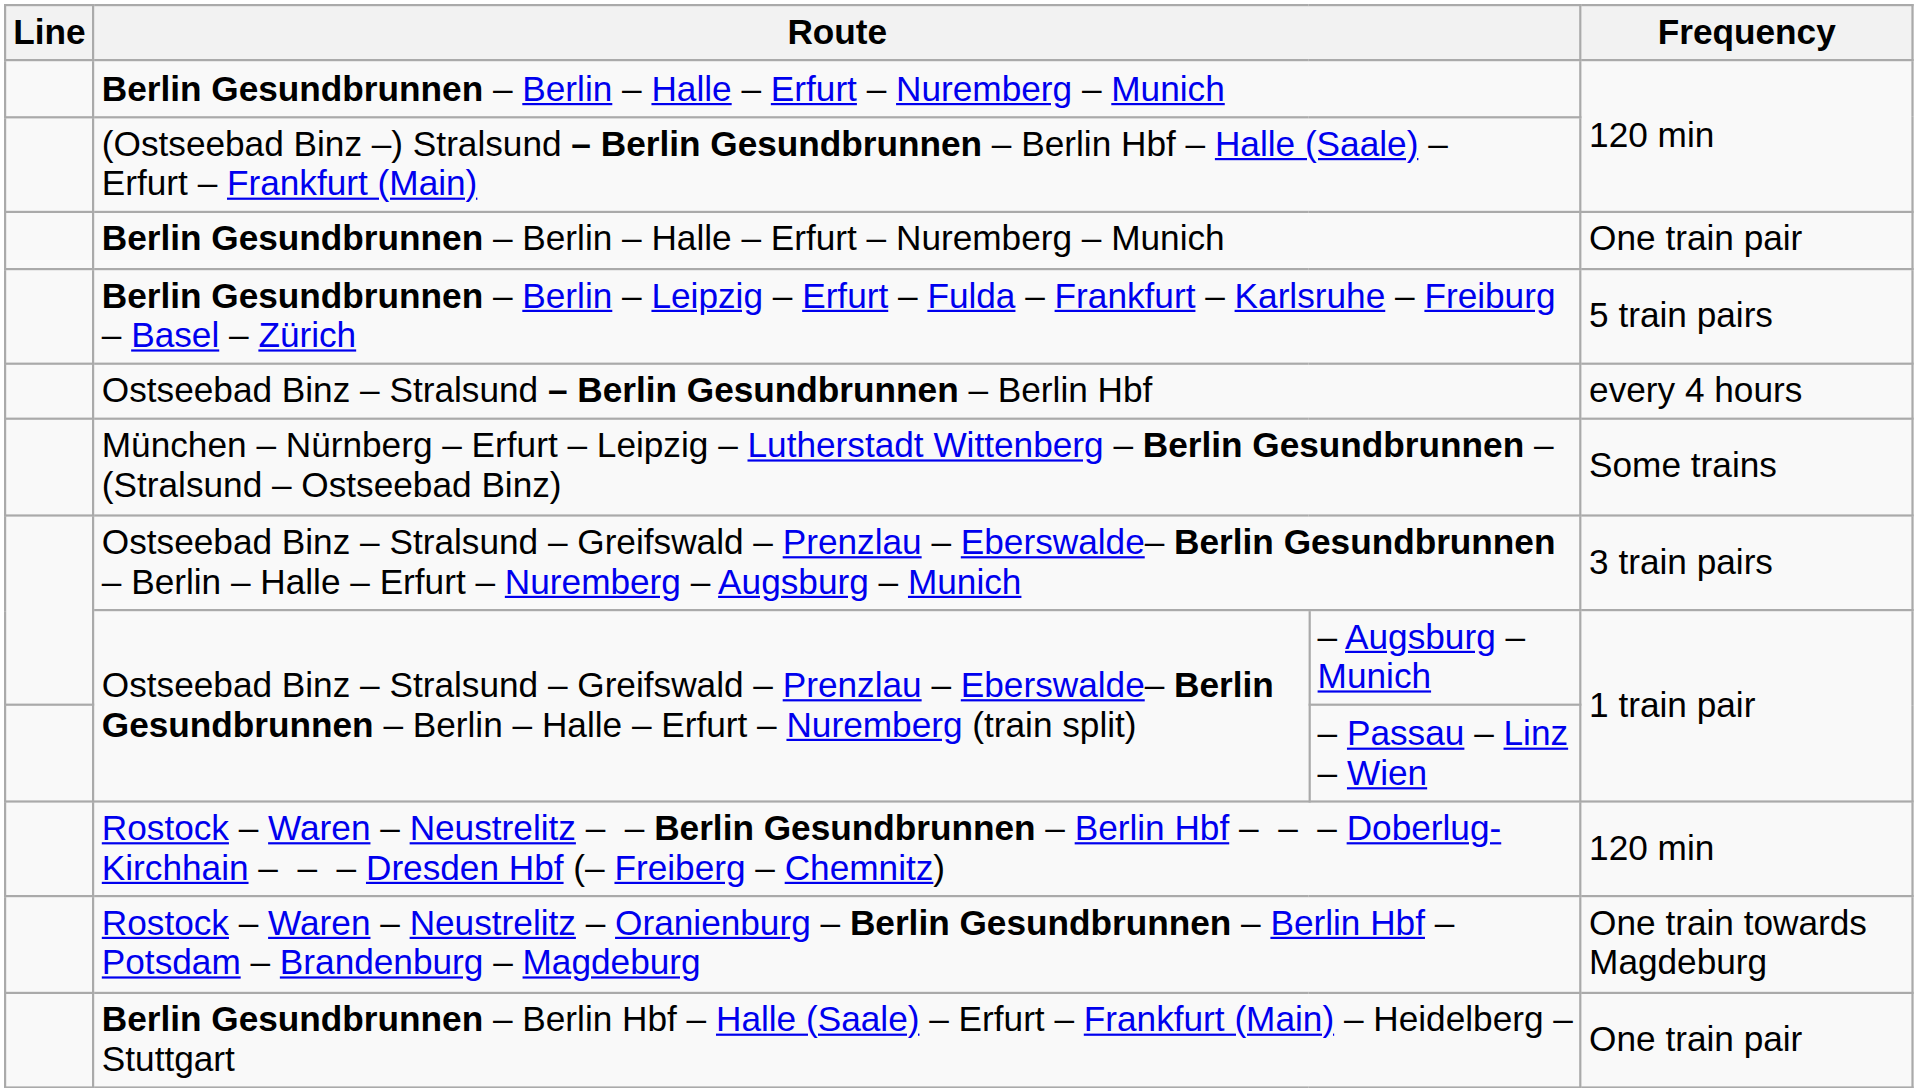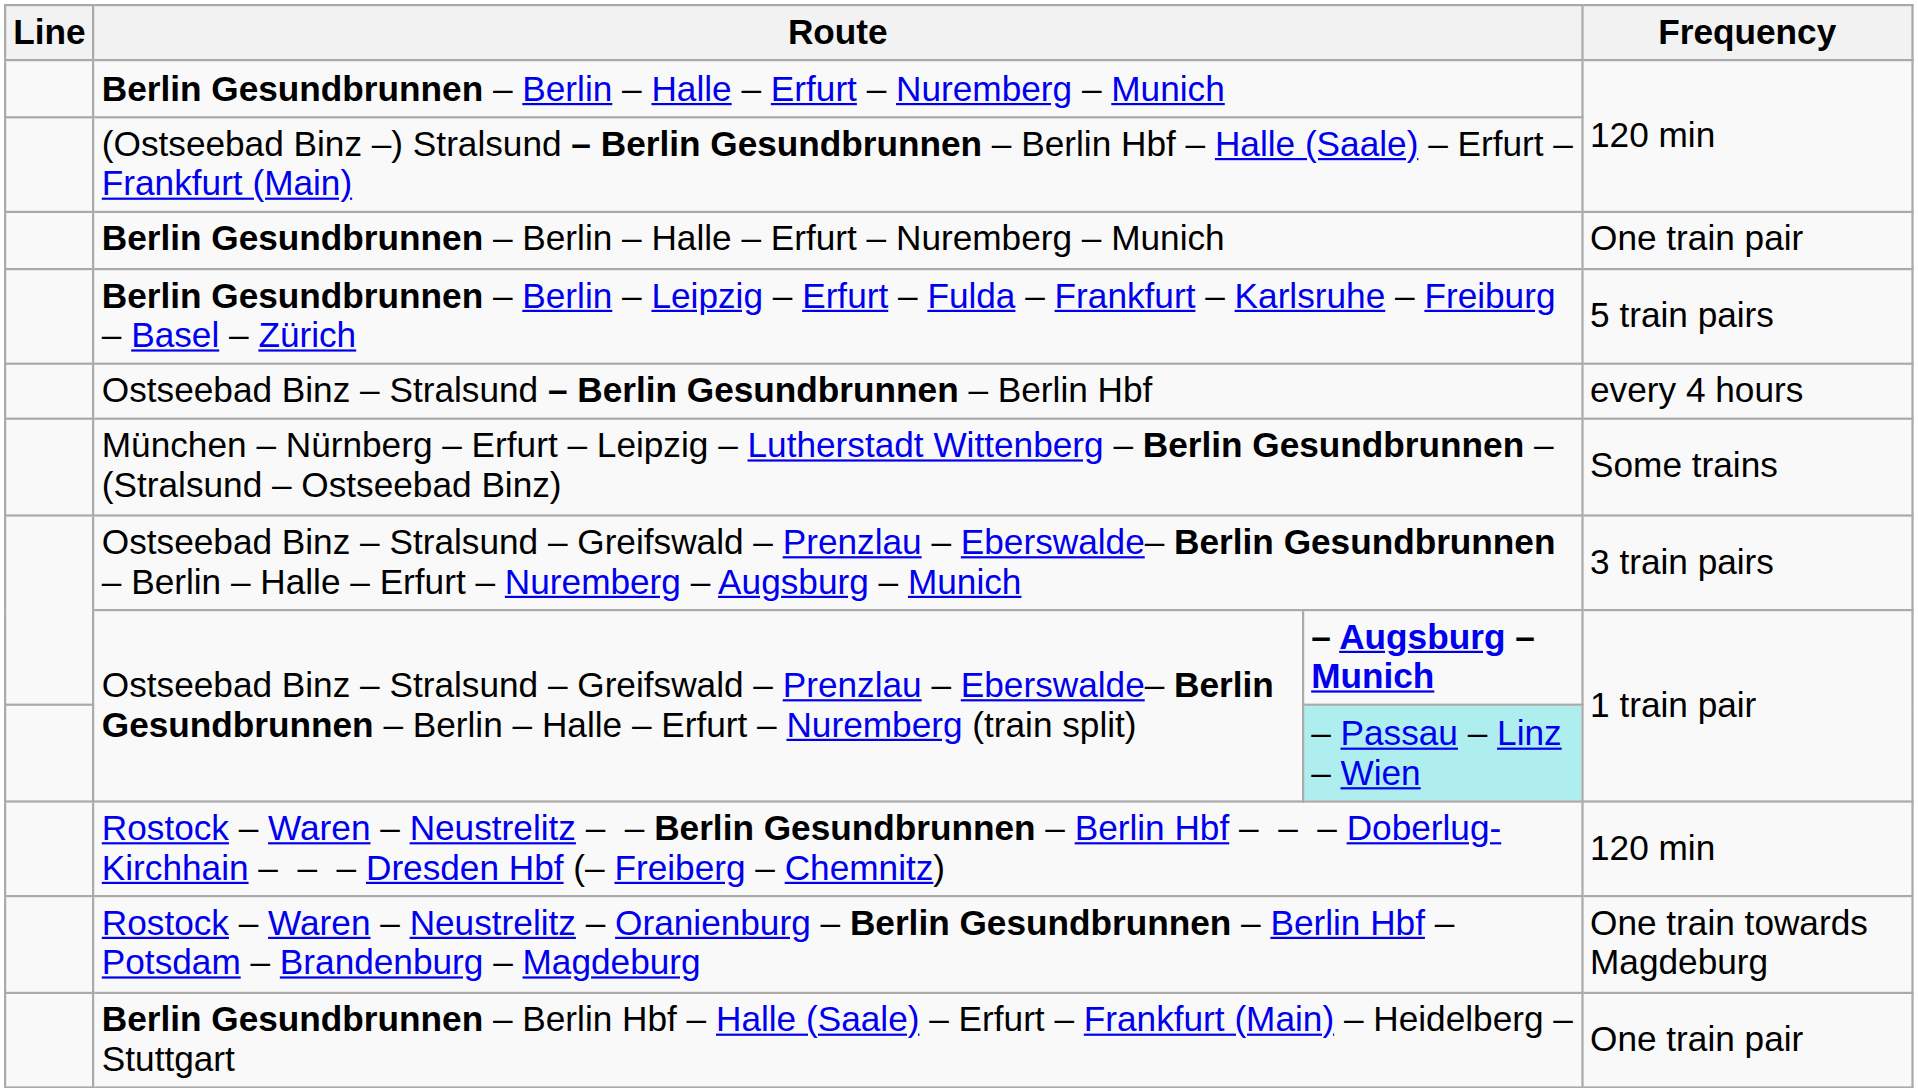 <table class="wikitable">
 <tr>
 <th>Line</th>
 <th colspan="2">Route</th>
 <th>Frequency</th>
 </tr>
 <tr>
 <td style="text-align:center"></td>
 <td colspan="2"><strong>Berlin Gesundbrunnen</strong> – <a href='#'>Berlin</a> – <a href='#'>Halle</a> – <a href='#'>Erfurt</a> – <a href='#'>Nuremberg</a> – <a href='#'>Munich</a></td>
 <td rowspan="2">120 min</td>
 </tr>
 <tr>
 <td style="text-align:center"></td>
 <td colspan="2">(Ostseebad Binz –) Stralsund <strong>– Berlin Gesundbrunnen</strong> – Berlin Hbf – <a href='#'>Halle (Saale)</a> – Erfurt – <a href='#'>Frankfurt (Main)</a></td>
 </tr>
 <tr>
 <td style="text-align:center"></td>
 <td colspan="2"><strong>Berlin Gesundbrunnen</strong> – Berlin – Halle – Erfurt – Nuremberg – Munich</td>
 <td>One train pair</td>
 </tr>
 <tr>
 <td></td>
 <td colspan="2"><strong>Berlin Gesundbrunnen</strong> – <a href='#'>Berlin</a> – <a href='#'>Leipzig</a> – <a href='#'>Erfurt</a> – <a href='#'>Fulda</a> – <a href='#'>Frankfurt</a> – <a href='#'>Karlsruhe</a> – <a href='#'>Freiburg</a> – <a href='#'>Basel</a> – <a href='#'>Zürich</a></td>
 <td>5 train pairs</td>
 </tr>
 <tr>
 <td></td>
 <td colspan="2">Ostseebad Binz – Stralsund<strong> – Berlin Gesundbrunnen</strong> – Berlin Hbf</td>
 <td>every 4 hours</td>
 </tr>
 <tr>
 <td align="center"></td>
 <td colspan="2">München – Nürnberg – Erfurt – Leipzig – <a href='#'>Lutherstadt Wittenberg</a> – <strong>Berlin Gesundbrunnen</strong> – (Stralsund – Ostseebad Binz)</td>
 <td>Some trains</td>
 </tr>
 <tr>
 <td rowspan="2"></td>
 <td colspan="2">Ostseebad Binz – Stralsund – Greifswald – <a href='#'>Prenzlau</a> – <a href='#'>Eberswalde</a>– <strong>Berlin Gesundbrunnen</strong> – Berlin – Halle – Erfurt – <a href='#'>Nuremberg</a> – <a href='#'>Augsburg</a> – <a href='#'>Munich</a></td>
 <td>3 train pairs</td>
 </tr>
 <tr>
 <td rowspan="2">Ostseebad Binz – Stralsund – Greifswald – <a href='#'>Prenzlau</a> – <a href='#'>Eberswalde</a>– <strong>Berlin Gesundbrunnen</strong> – Berlin – Halle – Erfurt – <a href='#'>Nuremberg</a> (train split)</td>
-<td>– <a href='#'>Augsburg</a> – <a href='#'>Munich</a></td>
+<td><strong>– <a href='#'>Augsburg</a> – <a href='#'>Munich</a></strong></td>
 <td rowspan="2">1 train pair</td>
 </tr>
 <tr>
 <td></td>
-<td>– <a href='#'>Passau</a> – <a href='#'>Linz</a> – <a href='#'>Wien</a></td>
+<td style="background: paleturquoise;">– <a href='#'>Passau</a> – <a href='#'>Linz</a> – <a href='#'>Wien</a></td>
 </tr>
 <tr>
 <td align="center"></td>
 <td colspan="2"><a href='#'>Rostock</a> – <a href='#'>Waren</a> – <a href='#'>Neustrelitz</a> –  – <strong>Berlin Gesundbrunnen</strong> – <a href='#'>Berlin Hbf</a> –  –  – <a href='#'>Doberlug-Kirchhain</a> –  –  – <a href='#'>Dresden Hbf</a> (– <a href='#'>Freiberg</a> – <a href='#'>Chemnitz</a>)</td>
 <td>120 min</td>
 </tr>
 <tr>
 <td style="text-align:center"></td>
 <td colspan="2"><a href='#'>Rostock</a> – <a href='#'>Waren</a> – <a href='#'>Neustrelitz</a> – <a href='#'>Oranienburg</a> – <strong>Berlin Gesundbrunnen</strong> – <a href='#'>Berlin Hbf</a> – <a href='#'>Potsdam</a> – <a href='#'>Brandenburg</a> – <a href='#'>Magdeburg</a></td>
 <td>One train towards Magdeburg</td>
 </tr>
 <tr>
 <td></td>
 <td colspan="2"><strong>Berlin Gesundbrunnen</strong> – Berlin Hbf – <a href='#'>Halle (Saale)</a> – Erfurt – <a href='#'>Frankfurt (Main)</a> – Heidelberg – Stuttgart</td>
 <td>One train pair</td>
 </tr>
 </table>
